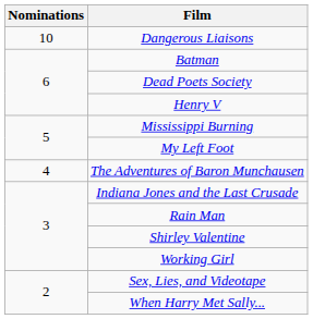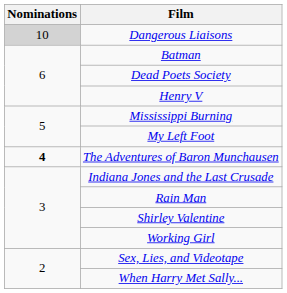 <table class="wikitable" style="text-align:center;">
 <tr>
 <th style="background:">Nominations</th>
 <th style="background:">Film</th>
 </tr>
 <tr>
-<td>10</td>
+<td style="background: lightgrey;">10</td>
 <td><em><a href='#'>Dangerous Liaisons</a></em></td>
 </tr>
 <tr>
 <td rowspan="3">6</td>
 <td><em><a href='#'>Batman</a></em></td>
 </tr>
 <tr>
 <td><em><a href='#'>Dead Poets Society</a></em></td>
 </tr>
 <tr>
 <td><em><a href='#'>Henry V</a></em></td>
 </tr>
 <tr>
 <td rowspan="2">5</td>
 <td><em><a href='#'>Mississippi Burning</a></em></td>
 </tr>
 <tr>
 <td><em><a href='#'>My Left Foot</a></em></td>
 </tr>
 <tr>
-<td>4</td>
+<td><strong>4</strong></td>
 <td><em><a href='#'>The Adventures of Baron Munchausen</a></em></td>
 </tr>
 <tr>
 <td rowspan="4">3</td>
 <td><em><a href='#'>Indiana Jones and the Last Crusade</a></em></td>
 </tr>
 <tr>
 <td><em><a href='#'>Rain Man</a></em></td>
 </tr>
 <tr>
 <td><em><a href='#'>Shirley Valentine</a></em></td>
 </tr>
 <tr>
 <td><em><a href='#'>Working Girl</a></em></td>
 </tr>
 <tr>
 <td rowspan="2">2</td>
 <td><em><a href='#'>Sex, Lies, and Videotape</a></em></td>
 </tr>
 <tr>
 <td><em><a href='#'>When Harry Met Sally...</a></em></td>
 </tr>
 </table>
